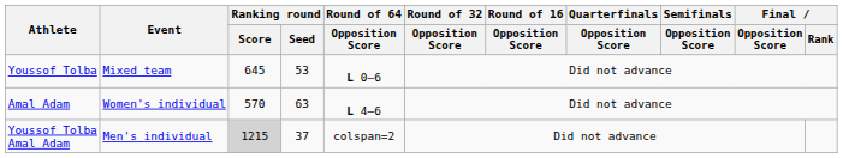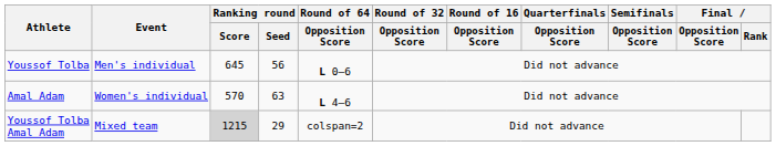 <table class="wikitable" style="font-size:90%">
 <tr>
 <th rowspan=2>Athlete</th>
 <th rowspan=2>Event</th>
 <th colspan="2">Ranking round</th>
 <th>Round of 64</th>
 <th>Round of 32</th>
 <th>Round of 16</th>
 <th>Quarterfinals</th>
 <th>Semifinals</th>
 <th colspan="2">Final / </th>
 </tr>
 <tr style="font-size:95%">
 <th>Score</th>
 <th>Seed</th>
 <th>Opposition<br>Score</th>
 <th>Opposition<br>Score</th>
 <th>Opposition<br>Score</th>
 <th>Opposition<br>Score</th>
 <th>Opposition<br>Score</th>
 <th>Opposition<br>Score</th>
 <th>Rank</th>
 </tr>
 <tr align=center>
 <td align=left><a href='#'>Youssof Tolba</a></td>
-<td align=left><a href='#'>Mixed team</a></td>
+<td align=left><a href='#'>Men's individual</a></td>
 <td>645</td>
-<td>53</td>
+<td>56</td>
 <td><br><strong>L</strong> 0–6</td>
 <td colspan=6>Did not advance</td>
 </tr>
 <tr align=center>
 <td align=left><a href='#'>Amal Adam</a></td>
 <td align=left><a href='#'>Women's individual</a></td>
 <td>570</td>
 <td>63</td>
 <td><br><strong>L</strong> 4–6</td>
 <td colspan=6>Did not advance</td>
 </tr>
 <tr align=center>
 <td align=left><a href='#'>Youssof Tolba</a><br><a href='#'>Amal Adam</a></td>
-<td align=left><a href='#'>Men's individual</a></td>
+<td align=left><a href='#'>Mixed team</a></td>
 <td style="background: lightgrey;">1215</td>
-<td>37</td>
+<td>29</td>
 <td>colspan=2 </td>
 <td colspan=5>Did not advance</td>
 </tr>
 </table>
